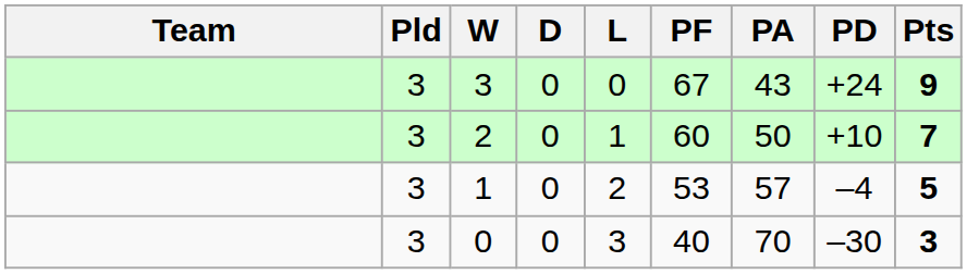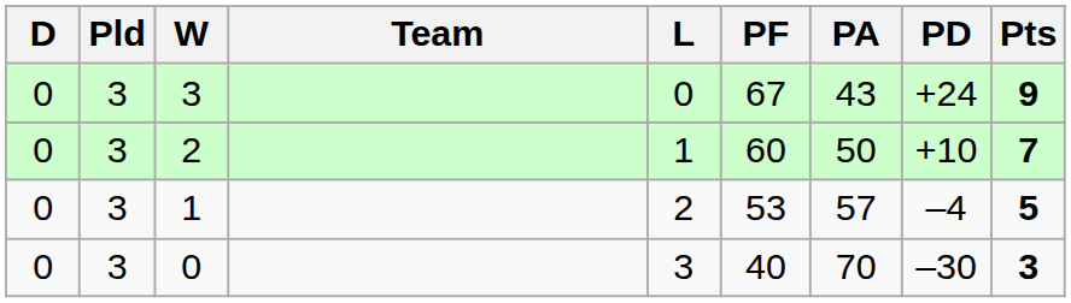 <table class="wikitable" style="text-align:center;">
 <tr>
-<th width=175>Team</th>
+<th width=25 abbr="Drawn">D</th>
 <th width=25 abbr="Played">Pld</th>
 <th width=25 abbr="Won">W</th>
-<th width=25 abbr="Drawn">D</th>
+<th width=175>Team</th>
 <th width=25 abbr="Lost">L</th>
 <th width=32 abbr="Points for">PF</th>
 <th width=32 abbr="Points against">PA</th>
 <th width=32 abbr="Points difference">PD</th>
 <th width=25 abbr="Points">Pts</th>
 </tr>
 <tr bgcolor=ccffcc>
-<td align=left></td>
+<td>0</td>
 <td>3</td>
 <td>3</td>
-<td>0</td>
+<td align=left></td>
 <td>0</td>
 <td>67</td>
 <td>43</td>
 <td>+24</td>
 <td><strong>9</strong></td>
 </tr>
 <tr bgcolor=ccffcc>
-<td align=left></td>
+<td>0</td>
 <td>3</td>
 <td>2</td>
-<td>0</td>
+<td align=left></td>
 <td>1</td>
 <td>60</td>
 <td>50</td>
 <td>+10</td>
 <td><strong>7</strong></td>
 </tr>
 <tr>
-<td align=left></td>
+<td>0</td>
 <td>3</td>
 <td>1</td>
-<td>0</td>
+<td align=left></td>
 <td>2</td>
 <td>53</td>
 <td>57</td>
 <td>–4</td>
 <td><strong>5</strong></td>
 </tr>
 <tr>
-<td align=left></td>
+<td>0</td>
 <td>3</td>
 <td>0</td>
-<td>0</td>
+<td align=left></td>
 <td>3</td>
 <td>40</td>
 <td>70</td>
 <td>–30</td>
 <td><strong>3</strong></td>
 </tr>
 </table>
